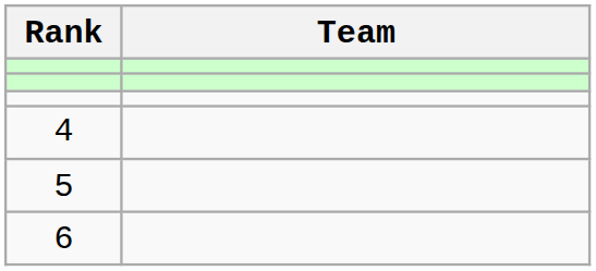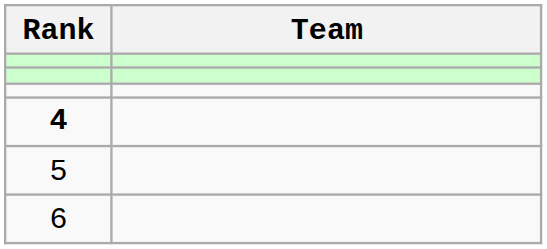 <table class="wikitable" style="text-align: center;">
 <tr>
 <th width=40>Rank</th>
 <th width=180>Team</th>
 </tr>
 <tr bgcolor=#ccffcc align=center>
 <td></td>
 <td style="text-align:left;"></td>
 </tr>
 <tr bgcolor=#ccffcc align=center>
 <td></td>
 <td style="text-align:left;"></td>
 </tr>
 <tr align=center>
 <td></td>
 <td style="text-align:left;"></td>
 </tr>
 <tr align=center>
-<td>4</td>
+<td><strong>4</strong></td>
 <td style="text-align:left;"></td>
 </tr>
 <tr align=center>
 <td>5</td>
 <td style="text-align:left;"></td>
 </tr>
 <tr align=center>
 <td>6</td>
 <td style="text-align:left;"></td>
 </tr>
 </table>
